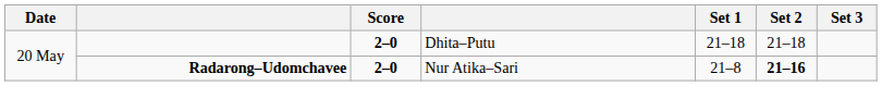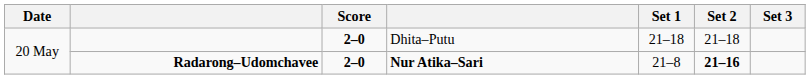 <table class="wikitable" style="text-align: center; font-size:90% ">
 <tr>
 <th width="60">Date</th>
 <th align="right" width="250"></th>
 <th width="60">Score</th>
 <th align="left" width="250"></th>
 <th width="50">Set 1</th>
 <th width="50">Set 2</th>
 <th width="50">Set 3</th>
 </tr>
 <tr>
 <td rowspan=2>20 May</td>
 <td align=right><strong></strong></td>
 <td align=center><strong>2–0</strong></td>
 <td align=left> Dhita–Putu</td>
 <td>21–18</td>
 <td>21–18</td>
 <td></td>
 </tr>
 <tr>
 <td align=right><strong>Radarong–Udomchavee </strong></td>
 <td align=center><strong>2–0</strong></td>
-<td align=left> Nur Atika–Sari</td>
+<td align=left><strong> Nur Atika–Sari</strong></td>
 <td>21–8</td>
 <td><strong>21–16</strong></td>
 <td></td>
 </tr>
 </table>
